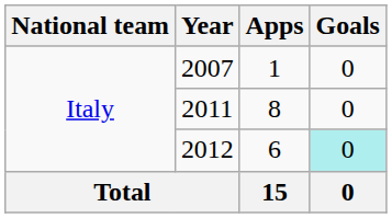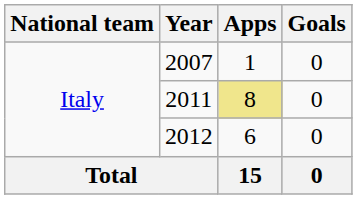 <table class="wikitable" style="text-align:center">
 <tr>
 <th>National team</th>
 <th>Year</th>
 <th>Apps</th>
 <th>Goals</th>
 </tr>
 <tr>
 <td rowspan="3"><a href='#'>Italy</a></td>
 <td>2007</td>
 <td>1</td>
 <td>0</td>
 </tr>
 <tr>
 <td>2011</td>
-<td>8</td>
+<td style="background: khaki;">8</td>
 <td>0</td>
 </tr>
 <tr>
 <td>2012</td>
 <td>6</td>
-<td style="background: paleturquoise;">0</td>
+<td>0</td>
 </tr>
 <tr>
 <th colspan="2">Total</th>
 <th>15</th>
 <th>0</th>
 </tr>
 </table>
